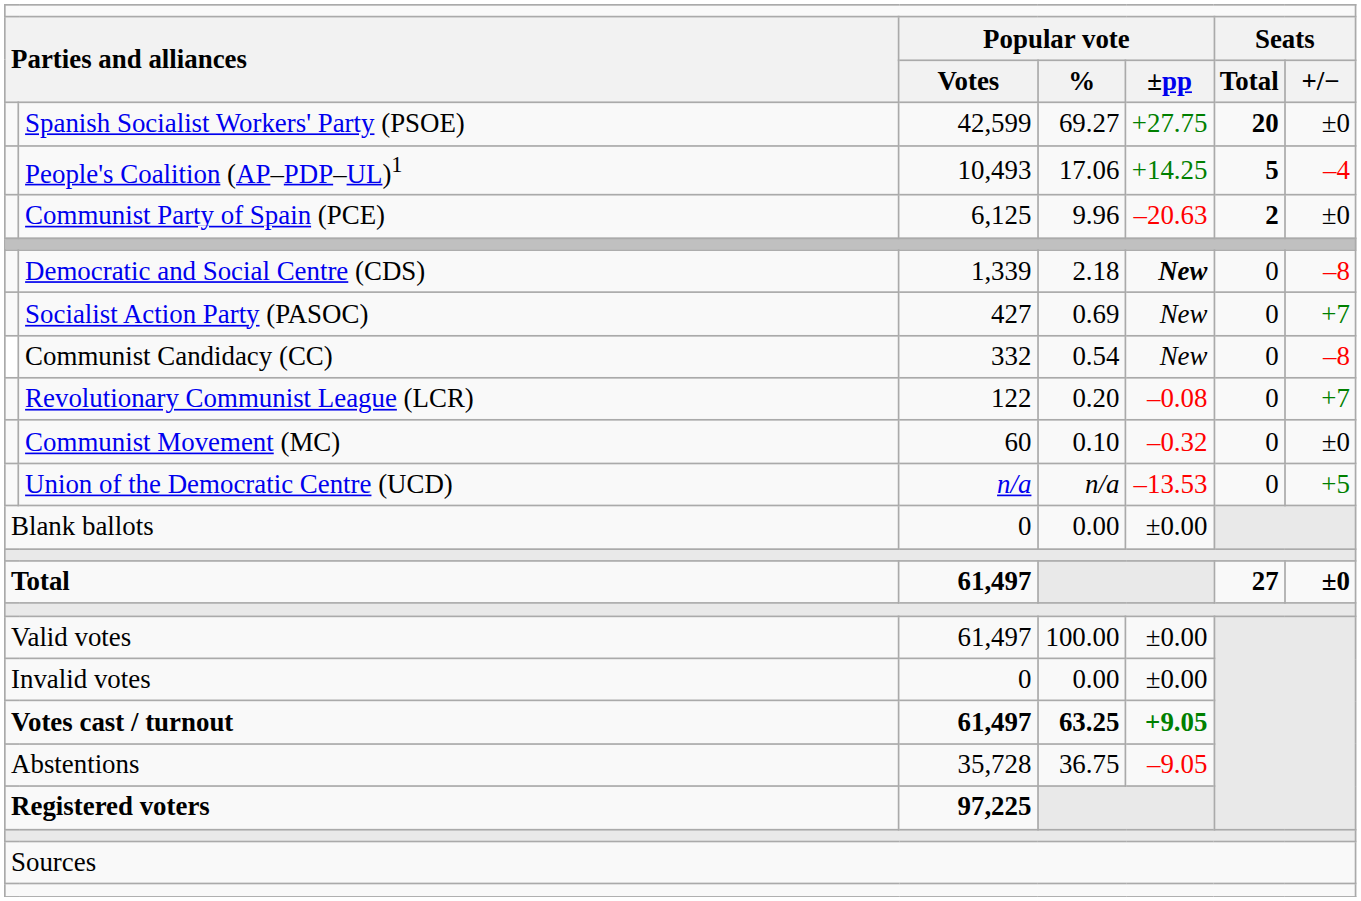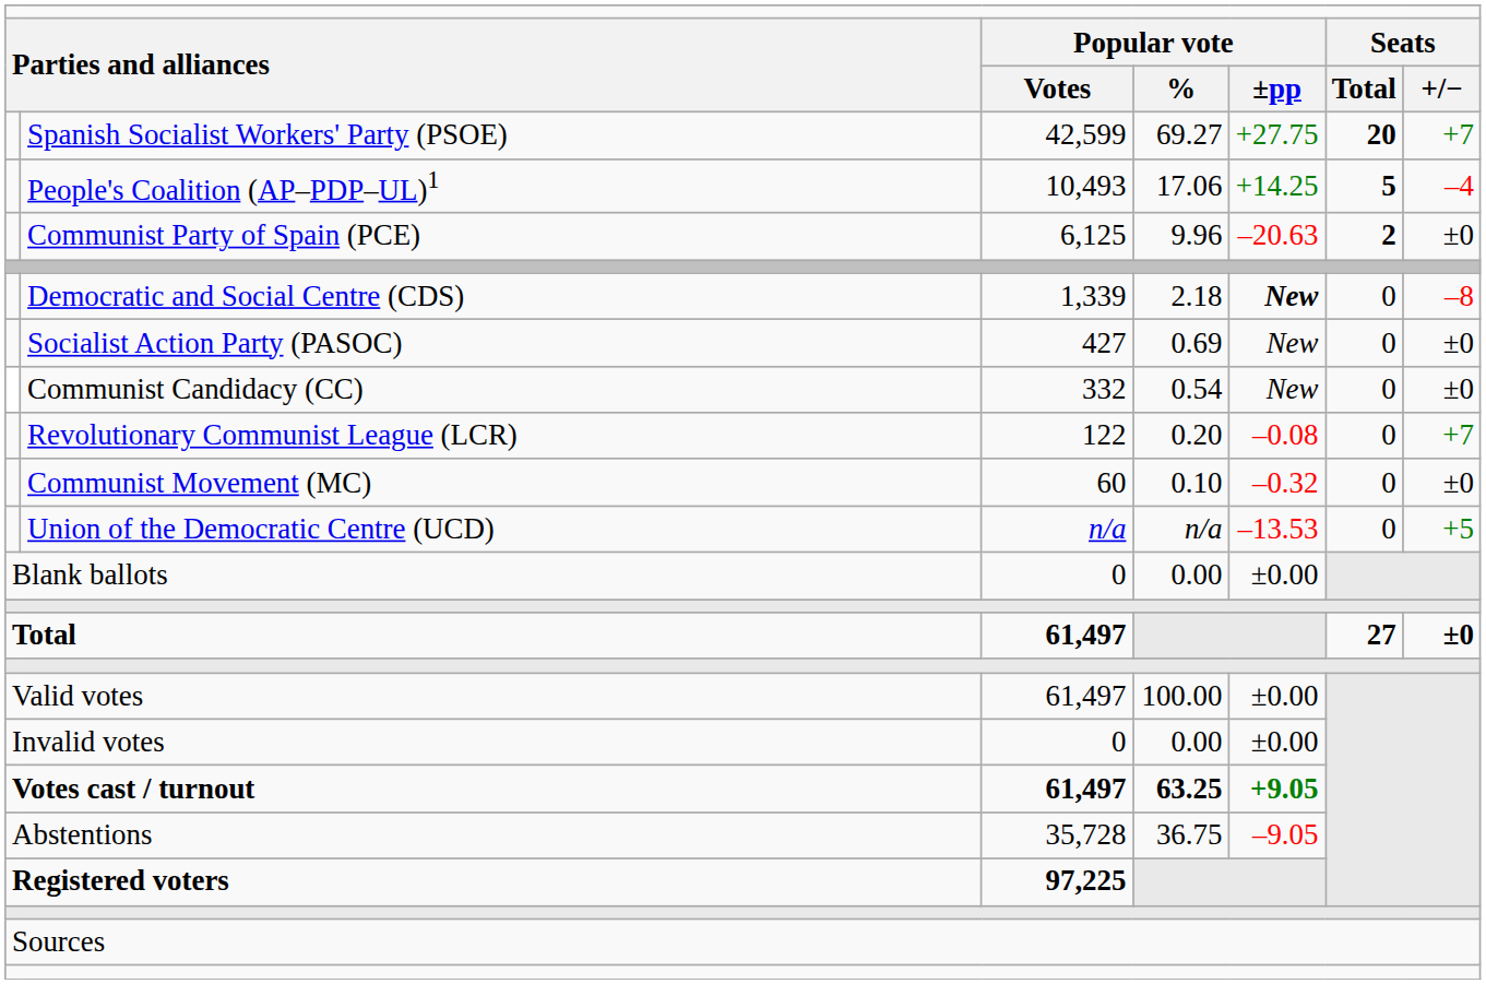 <table class="wikitable" style="text-align:right;">
 <tr>
 <td colspan="7"></td>
 </tr>
 <tr>
 <th style="text-align:left;" rowspan="2" colspan="2" width="525">Parties and alliances</th>
 <th colspan="3">Popular vote</th>
 <th colspan="2">Seats</th>
 </tr>
 <tr>
 <th width="75">Votes</th>
 <th width="45">%</th>
 <th width="45">±<a href='#'>pp</a></th>
 <th width="35">Total</th>
 <th width="35">+/−</th>
 </tr>
 <tr>
 <td width="1" style="color:inherit;background:"></td>
 <td align="left"><a href='#'>Spanish Socialist Workers' Party</a> (PSOE)</td>
 <td>42,599</td>
 <td>69.27</td>
 <td style="color:green;">+27.75</td>
 <td><strong>20</strong></td>
-<td>±0</td>
+<td style="color:green;">+7</td>
 </tr>
 <tr>
 <td style="color:inherit;background:"></td>
 <td align="left"><a href='#'>People's Coalition</a> (<a href='#'>AP</a>–<a href='#'>PDP</a>–<a href='#'>UL</a>)<sup>1</sup></td>
 <td>10,493</td>
 <td>17.06</td>
 <td style="color:green;">+14.25</td>
 <td><strong>5</strong></td>
 <td style="color:red;">–4</td>
 </tr>
 <tr>
 <td style="color:inherit;background:"></td>
 <td align="left"><a href='#'>Communist Party of Spain</a> (PCE)</td>
 <td>6,125</td>
 <td>9.96</td>
 <td style="color:red;">–20.63</td>
 <td><strong>2</strong></td>
 <td>±0</td>
 </tr>
 <tr>
 <td colspan="7" bgcolor="#C0C0C0"></td>
 </tr>
 <tr>
 <td style="color:inherit;background:"></td>
 <td align="left"><a href='#'>Democratic and Social Centre</a> (CDS)</td>
 <td>1,339</td>
 <td>2.18</td>
 <td><strong><em>New</em></strong></td>
 <td>0</td>
 <td style="color:red;">–8</td>
 </tr>
 <tr>
 <td style="color:inherit;background:"></td>
 <td align="left"><a href='#'>Socialist Action Party</a> (PASOC)</td>
 <td>427</td>
 <td>0.69</td>
 <td><em>New</em></td>
 <td>0</td>
-<td style="color:green;">+7</td>
+<td>±0</td>
 </tr>
 <tr>
 <td bgcolor="white"></td>
 <td align="left">Communist Candidacy (CC)</td>
 <td>332</td>
 <td>0.54</td>
 <td><em>New</em></td>
 <td>0</td>
-<td style="color:red;">–8</td>
+<td>±0</td>
 </tr>
 <tr>
 <td style="color:inherit;background:"></td>
 <td align="left"><a href='#'>Revolutionary Communist League</a> (LCR)</td>
 <td>122</td>
 <td>0.20</td>
 <td style="color:red;">–0.08</td>
 <td>0</td>
 <td style="color:green;">+7</td>
 </tr>
 <tr>
 <td style="color:inherit;background:"></td>
 <td align="left"><a href='#'>Communist Movement</a> (MC)</td>
 <td>60</td>
 <td>0.10</td>
 <td style="color:red;">–0.32</td>
 <td>0</td>
 <td>±0</td>
 </tr>
 <tr>
 <td style="color:inherit;background:"></td>
 <td align="left"><a href='#'>Union of the Democratic Centre</a> (UCD)</td>
 <td><em><a href='#'>n/a</a></em></td>
 <td><em>n/a</em></td>
 <td style="color:red;">–13.53</td>
 <td>0</td>
 <td style="color:green;">+5</td>
 </tr>
 <tr>
 <td align="left" colspan="2">Blank ballots</td>
 <td>0</td>
 <td>0.00</td>
 <td>±0.00</td>
 <td bgcolor="#E9E9E9" colspan="2"></td>
 </tr>
 <tr>
 <td colspan="7" bgcolor="#E9E9E9"></td>
 </tr>
 <tr style="font-weight:bold;">
 <td align="left" colspan="2">Total</td>
 <td>61,497</td>
 <td bgcolor="#E9E9E9" colspan="2"></td>
 <td>27</td>
 <td>±0</td>
 </tr>
 <tr>
 <td colspan="7" bgcolor="#E9E9E9"></td>
 </tr>
 <tr>
 <td align="left" colspan="2">Valid votes</td>
 <td>61,497</td>
 <td>100.00</td>
 <td>±0.00</td>
 <td bgcolor="#E9E9E9" colspan="2" rowspan="5"></td>
 </tr>
 <tr>
 <td align="left" colspan="2">Invalid votes</td>
 <td>0</td>
 <td>0.00</td>
 <td>±0.00</td>
 </tr>
 <tr style="font-weight:bold;">
 <td align="left" colspan="2">Votes cast / turnout</td>
 <td>61,497</td>
 <td>63.25</td>
 <td style="color:green;">+9.05</td>
 </tr>
 <tr>
 <td align="left" colspan="2">Abstentions</td>
 <td>35,728</td>
 <td>36.75</td>
 <td style="color:red;">–9.05</td>
 </tr>
 <tr style="font-weight:bold;">
 <td align="left" colspan="2">Registered voters</td>
 <td>97,225</td>
 <td bgcolor="#E9E9E9" colspan="2"></td>
 </tr>
 <tr>
 <td colspan="7" bgcolor="#E9E9E9"></td>
 </tr>
 <tr>
 <td align="left" colspan="7">Sources</td>
 </tr>
 <tr>
 <td colspan="7" style="text-align:left; max-width:790px;"></td>
 </tr>
 </table>
